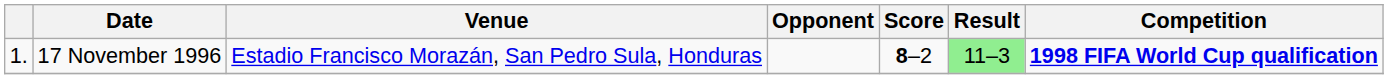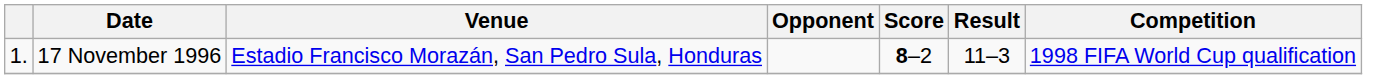 <table class="wikitable">
 <tr>
 <th></th>
 <th>Date</th>
 <th>Venue</th>
 <th>Opponent</th>
 <th>Score</th>
 <th>Result</th>
 <th>Competition</th>
 </tr>
 <tr>
 <td align="center">1.</td>
 <td>17 November 1996</td>
 <td><a href='#'>Estadio Francisco Morazán</a>, <a href='#'>San Pedro Sula</a>, <a href='#'>Honduras</a></td>
 <td></td>
 <td align="center"><strong>8</strong>–2</td>
-<td align="center" style="background: lightgreen;">11–3</td>
-<td><strong><a href='#'>1998 FIFA World Cup qualification</a></strong></td>
+<td align="center">11–3</td>
+<td><a href='#'>1998 FIFA World Cup qualification</a></td>
 </tr>
 <tr>
 </tr>
 </table>
